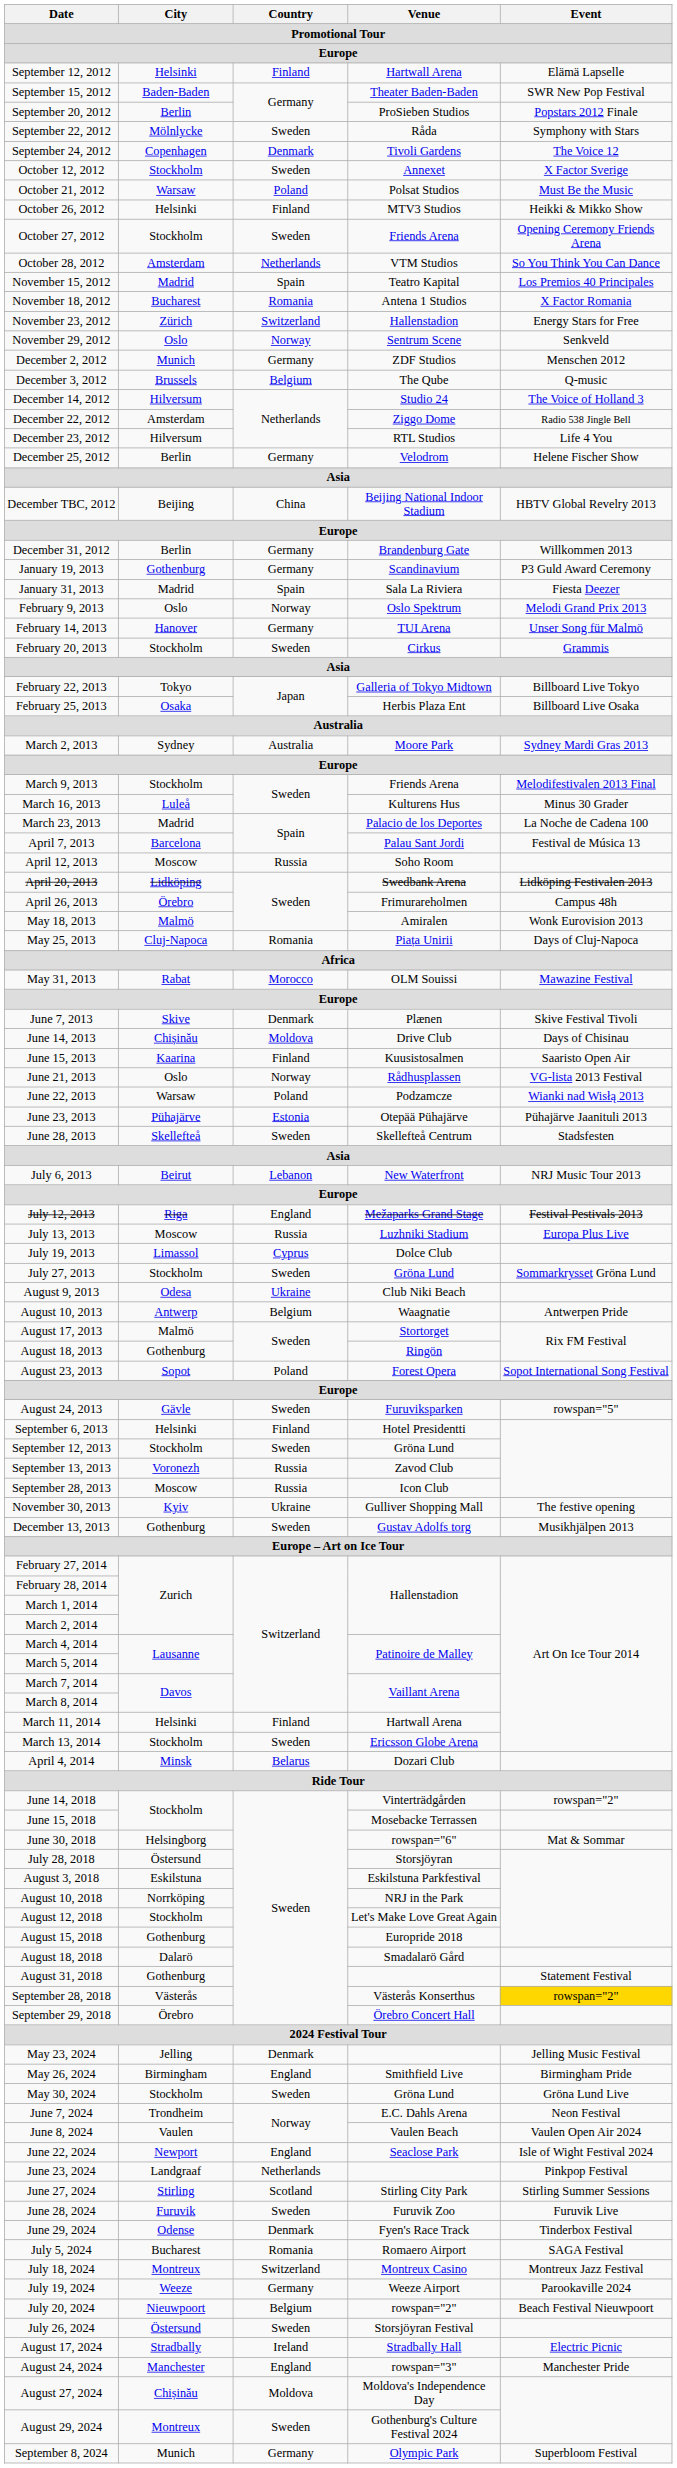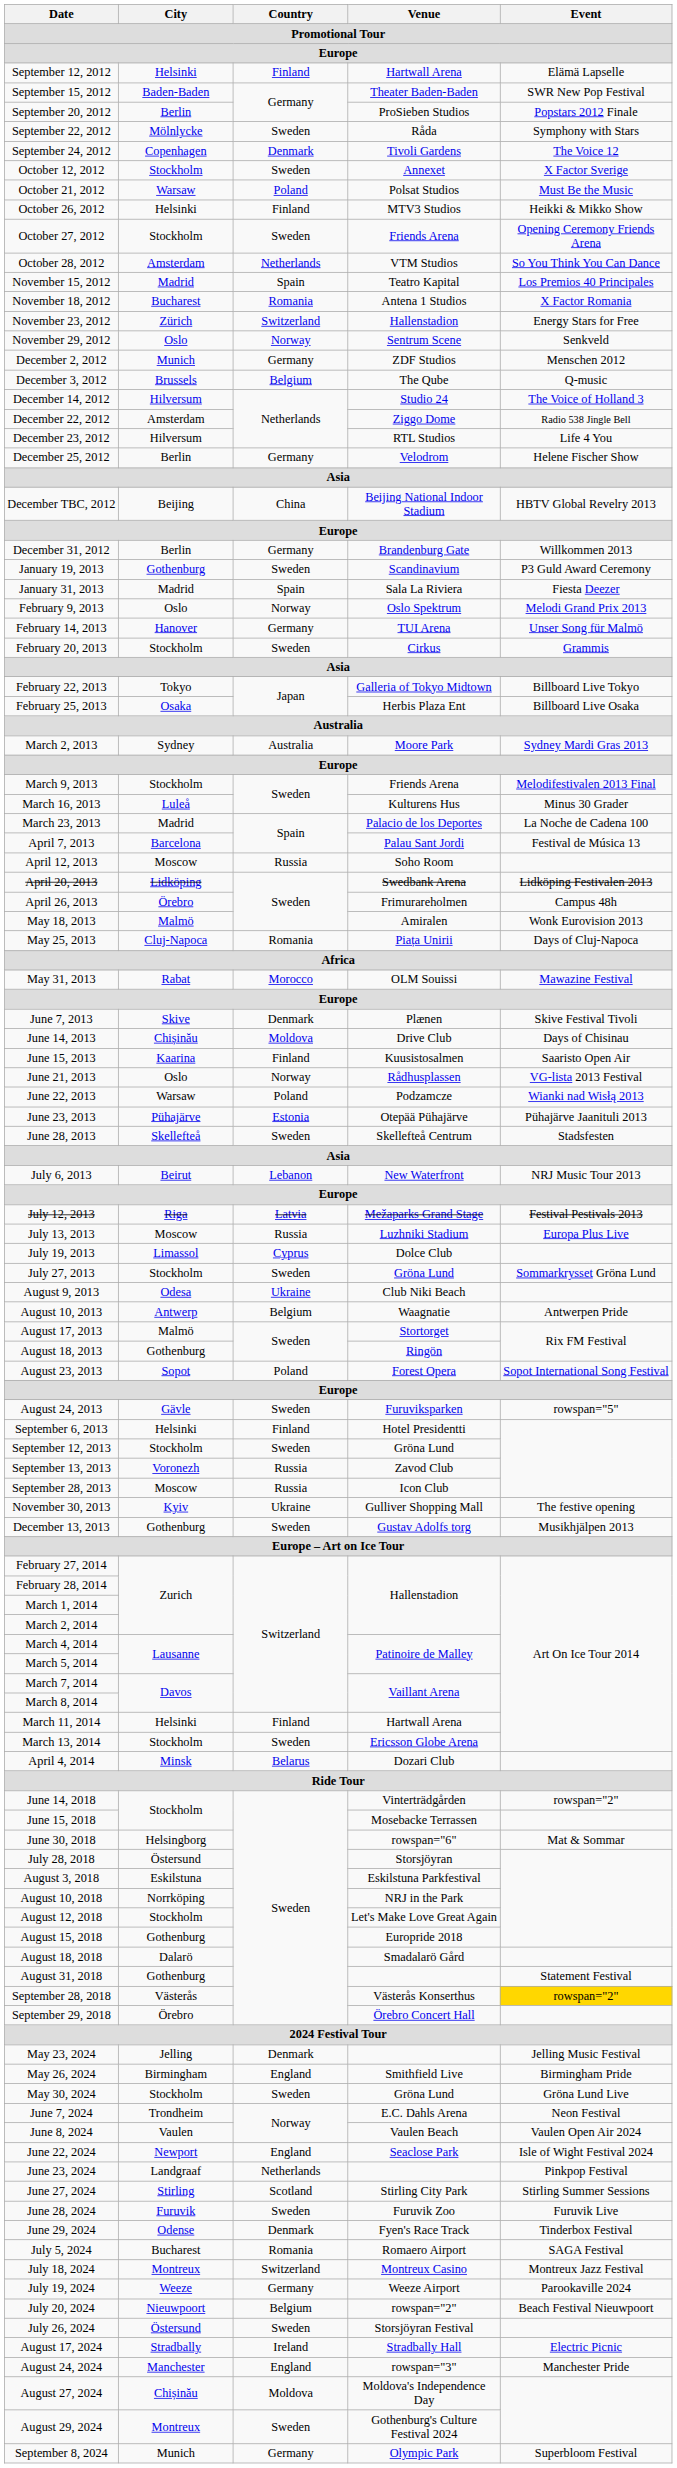 <table class="wikitable" style="text-align:center;">
 <tr>
 <th width="150">Date</th>
 <th width="150">City</th>
 <th width="150">Country</th>
 <th width="200">Venue</th>
 <th width="230">Event</th>
 </tr>
 <tr bgcolor="#DDDDDD">
 <td colspan=7><strong>Promotional Tour</strong></td>
 </tr>
 <tr bgcolor="#DDDDDD">
 <td colspan=7><strong>Europe</strong></td>
 </tr>
 <tr>
 <td>September 12, 2012</td>
 <td><a href='#'>Helsinki</a></td>
 <td><a href='#'>Finland</a></td>
 <td><a href='#'>Hartwall Arena</a></td>
 <td>Elämä Lapselle</td>
 </tr>
 <tr>
 <td>September 15, 2012</td>
 <td><a href='#'>Baden-Baden</a></td>
 <td rowspan="2">Germany</td>
 <td><a href='#'>Theater Baden-Baden</a></td>
 <td>SWR New Pop Festival</td>
 </tr>
 <tr>
 <td>September 20, 2012</td>
 <td><a href='#'>Berlin</a></td>
 <td>ProSieben Studios</td>
 <td><a href='#'>Popstars 2012</a> Finale</td>
 </tr>
 <tr>
 <td>September 22, 2012</td>
 <td><a href='#'>Mölnlycke</a></td>
 <td>Sweden</td>
 <td>Råda</td>
 <td>Symphony with Stars</td>
 </tr>
 <tr>
 <td>September 24, 2012</td>
 <td><a href='#'>Copenhagen</a></td>
 <td><a href='#'>Denmark</a></td>
 <td><a href='#'>Tivoli Gardens</a></td>
 <td><a href='#'>The Voice 12</a></td>
 </tr>
 <tr>
 <td>October 12, 2012</td>
 <td><a href='#'>Stockholm</a></td>
 <td>Sweden</td>
 <td><a href='#'>Annexet</a></td>
 <td><a href='#'>X Factor Sverige</a></td>
 </tr>
 <tr>
 <td>October 21, 2012</td>
 <td><a href='#'>Warsaw</a></td>
 <td><a href='#'>Poland</a></td>
 <td>Polsat Studios</td>
 <td><a href='#'>Must Be the Music</a></td>
 </tr>
 <tr>
 <td>October 26, 2012</td>
 <td>Helsinki</td>
 <td>Finland</td>
 <td>MTV3 Studios</td>
 <td>Heikki & Mikko Show</td>
 </tr>
 <tr>
 <td>October 27, 2012</td>
 <td>Stockholm</td>
 <td>Sweden</td>
 <td><a href='#'>Friends Arena</a></td>
 <td><a href='#'>Opening Ceremony Friends Arena</a></td>
 </tr>
 <tr>
 <td>October 28, 2012</td>
 <td><a href='#'>Amsterdam</a></td>
 <td><a href='#'>Netherlands</a></td>
 <td>VTM Studios</td>
 <td><a href='#'>So You Think You Can Dance</a></td>
 </tr>
 <tr>
 <td>November 15, 2012</td>
 <td><a href='#'>Madrid</a></td>
 <td>Spain</td>
 <td>Teatro Kapital</td>
 <td><a href='#'>Los Premios 40 Principales</a></td>
 </tr>
 <tr>
 <td>November 18, 2012</td>
 <td><a href='#'>Bucharest</a></td>
 <td><a href='#'>Romania</a></td>
 <td>Antena 1 Studios</td>
 <td><a href='#'>X Factor Romania</a></td>
 </tr>
 <tr>
 <td>November 23, 2012</td>
 <td><a href='#'>Zürich</a></td>
 <td><a href='#'>Switzerland</a></td>
 <td><a href='#'>Hallenstadion</a></td>
 <td>Energy Stars for Free</td>
 </tr>
 <tr>
 <td>November 29, 2012</td>
 <td><a href='#'>Oslo</a></td>
 <td><a href='#'>Norway</a></td>
 <td><a href='#'>Sentrum Scene</a></td>
 <td>Senkveld</td>
 </tr>
 <tr>
 <td>December 2, 2012</td>
 <td><a href='#'>Munich</a></td>
 <td>Germany</td>
 <td>ZDF Studios</td>
 <td>Menschen 2012</td>
 </tr>
 <tr>
 <td>December 3, 2012</td>
 <td><a href='#'>Brussels</a></td>
 <td><a href='#'>Belgium</a></td>
 <td>The Qube</td>
 <td>Q-music</td>
 </tr>
 <tr>
 <td>December 14, 2012</td>
 <td><a href='#'>Hilversum</a></td>
 <td rowspan="3">Netherlands</td>
 <td><a href='#'>Studio 24</a></td>
 <td><a href='#'>The Voice of Holland 3</a></td>
 </tr>
 <tr>
 <td>December 22, 2012</td>
 <td>Amsterdam</td>
 <td><a href='#'>Ziggo Dome</a></td>
 <td><small>Radio 538 Jingle Bell</small></td>
 </tr>
 <tr>
 <td>December 23, 2012</td>
 <td>Hilversum</td>
 <td>RTL Studios</td>
 <td>Life 4 You</td>
 </tr>
 <tr>
 <td>December 25, 2012</td>
 <td>Berlin</td>
 <td>Germany</td>
 <td><a href='#'>Velodrom</a></td>
 <td>Helene Fischer Show</td>
 </tr>
 <tr bgcolor="#DDDDDD">
 <td colspan=7><strong>Asia</strong></td>
 </tr>
 <tr>
 <td>December TBC, 2012</td>
 <td>Beijing</td>
 <td>China</td>
 <td><a href='#'>Beijing National Indoor Stadium</a></td>
 <td>HBTV Global Revelry 2013</td>
 </tr>
 <tr bgcolor="#DDDDDD">
 <td colspan=7><strong>Europe</strong></td>
 </tr>
 <tr>
 <td>December 31, 2012</td>
 <td>Berlin</td>
 <td>Germany</td>
 <td><a href='#'>Brandenburg Gate</a></td>
 <td>Willkommen 2013</td>
 </tr>
 <tr>
 <td>January 19, 2013</td>
 <td><a href='#'>Gothenburg</a></td>
-<td>Germany</td>
+<td>Sweden</td>
 <td><a href='#'>Scandinavium</a></td>
 <td>P3 Guld Award Ceremony</td>
 </tr>
 <tr>
 <td>January 31, 2013</td>
 <td>Madrid</td>
 <td>Spain</td>
 <td>Sala La Riviera</td>
 <td>Fiesta <a href='#'>Deezer</a></td>
 </tr>
 <tr>
 <td>February 9, 2013</td>
 <td>Oslo</td>
 <td>Norway</td>
 <td><a href='#'>Oslo Spektrum</a></td>
 <td><a href='#'>Melodi Grand Prix 2013</a></td>
 </tr>
 <tr>
 <td>February 14, 2013</td>
 <td><a href='#'>Hanover</a></td>
 <td>Germany</td>
 <td><a href='#'>TUI Arena</a></td>
 <td><a href='#'>Unser Song für Malmö</a></td>
 </tr>
 <tr>
 <td>February 20, 2013</td>
 <td>Stockholm</td>
 <td>Sweden</td>
 <td><a href='#'>Cirkus</a></td>
 <td><a href='#'>Grammis</a></td>
 </tr>
 <tr bgcolor="#DDDDDD">
 <td colspan=7><strong>Asia</strong></td>
 </tr>
 <tr>
 <td>February 22, 2013</td>
 <td>Tokyo</td>
 <td rowspan="2">Japan</td>
 <td><a href='#'>Galleria of Tokyo Midtown</a></td>
 <td>Billboard Live Tokyo</td>
 </tr>
 <tr>
 <td>February 25, 2013</td>
 <td><a href='#'>Osaka</a></td>
 <td>Herbis Plaza Ent</td>
 <td>Billboard Live Osaka</td>
 </tr>
 <tr bgcolor="#DDDDDD">
 <td colspan=7><strong>Australia</strong></td>
 </tr>
 <tr>
 <td>March 2, 2013</td>
 <td>Sydney</td>
 <td>Australia</td>
 <td><a href='#'>Moore Park</a></td>
 <td><a href='#'>Sydney Mardi Gras 2013</a></td>
 </tr>
 <tr bgcolor="#DDDDDD">
 <td colspan=7><strong>Europe</strong></td>
 </tr>
 <tr>
 <td>March 9, 2013</td>
 <td>Stockholm</td>
 <td rowspan="2">Sweden</td>
 <td>Friends Arena</td>
 <td><a href='#'>Melodifestivalen 2013 Final</a></td>
 </tr>
 <tr>
 <td>March 16, 2013</td>
 <td><a href='#'>Luleå</a></td>
 <td>Kulturens Hus</td>
 <td>Minus 30 Grader</td>
 </tr>
 <tr>
 <td>March 23, 2013</td>
 <td>Madrid</td>
 <td rowspan="2">Spain</td>
 <td><a href='#'>Palacio de los Deportes</a></td>
 <td>La Noche de Cadena 100</td>
 </tr>
 <tr>
 <td>April 7, 2013</td>
 <td><a href='#'>Barcelona</a></td>
 <td><a href='#'>Palau Sant Jordi</a></td>
 <td>Festival de Música 13</td>
 </tr>
 <tr>
 <td>April 12, 2013</td>
 <td>Moscow</td>
 <td>Russia</td>
 <td>Soho Room</td>
 <td></td>
 </tr>
 <tr>
 <td><s>April 20, 2013</s></td>
 <td><s><a href='#'>Lidköping</a></s></td>
 <td rowspan="3">Sweden</td>
 <td><s>Swedbank Arena</s></td>
 <td><s>Lidköping Festivalen 2013</s></td>
 </tr>
 <tr>
 <td>April 26, 2013</td>
 <td><a href='#'>Örebro</a></td>
 <td>Frimurareholmen</td>
 <td>Campus 48h</td>
 </tr>
 <tr>
 <td>May 18, 2013</td>
 <td><a href='#'>Malmö</a></td>
 <td>Amiralen</td>
 <td>Wonk Eurovision 2013</td>
 </tr>
 <tr>
 <td>May 25, 2013</td>
 <td><a href='#'>Cluj-Napoca</a></td>
 <td>Romania</td>
 <td><a href='#'>Piața Unirii</a></td>
 <td>Days of Cluj-Napoca</td>
 </tr>
 <tr bgcolor="#DDDDDD">
 <td colspan=7><strong>Africa</strong></td>
 </tr>
 <tr>
 <td>May 31, 2013</td>
 <td><a href='#'>Rabat</a></td>
 <td><a href='#'>Morocco</a></td>
 <td>OLM Souissi</td>
 <td><a href='#'>Mawazine Festival</a></td>
 </tr>
 <tr bgcolor="#DDDDDD">
 <td colspan=7><strong>Europe</strong></td>
 </tr>
 <tr>
 <td>June 7, 2013</td>
 <td><a href='#'>Skive</a></td>
 <td>Denmark</td>
 <td>Plænen</td>
 <td>Skive Festival Tivoli</td>
 </tr>
 <tr>
 <td>June 14, 2013</td>
 <td><a href='#'>Chișinău</a></td>
 <td><a href='#'>Moldova</a></td>
 <td>Drive Club</td>
 <td>Days of Chisinau</td>
 </tr>
 <tr>
 <td>June 15, 2013</td>
 <td><a href='#'>Kaarina</a></td>
 <td>Finland</td>
 <td>Kuusistosalmen</td>
 <td>Saaristo Open Air</td>
 </tr>
 <tr>
 <td>June 21, 2013</td>
 <td>Oslo</td>
 <td>Norway</td>
 <td><a href='#'>Rådhusplassen</a></td>
 <td><a href='#'>VG-lista</a> 2013 Festival</td>
 </tr>
 <tr>
 <td>June 22, 2013</td>
 <td>Warsaw</td>
 <td>Poland</td>
 <td>Podzamcze</td>
 <td><a href='#'>Wianki nad Wisłą 2013</a></td>
 </tr>
 <tr>
 <td>June 23, 2013</td>
 <td><a href='#'>Pühajärve</a></td>
 <td><a href='#'>Estonia</a></td>
 <td>Otepää Pühajärve</td>
 <td>Pühajärve Jaanituli 2013</td>
 </tr>
 <tr>
 <td>June 28, 2013</td>
 <td><a href='#'>Skellefteå</a></td>
 <td>Sweden</td>
 <td>Skellefteå Centrum</td>
 <td>Stadsfesten</td>
 </tr>
 <tr bgcolor="#DDDDDD">
 <td colspan=7><strong>Asia</strong></td>
 </tr>
 <tr>
 <td>July 6, 2013</td>
 <td><a href='#'>Beirut</a></td>
 <td><a href='#'>Lebanon</a></td>
 <td><a href='#'>New Waterfront</a></td>
 <td>NRJ Music Tour 2013</td>
 </tr>
 <tr bgcolor="#DDDDDD">
 <td colspan=7><strong>Europe</strong></td>
 </tr>
 <tr>
 <td><s>July 12, 2013</s></td>
 <td><s><a href='#'>Riga</a></s></td>
-<td>England</td>
+<td><s><a href='#'>Latvia</a></s></td>
 <td><s><a href='#'>Mežaparks Grand Stage</a></s></td>
 <td><s>Festival Pestivals 2013</s></td>
 </tr>
 <tr>
 <td>July 13, 2013</td>
 <td>Moscow</td>
 <td>Russia</td>
 <td><a href='#'>Luzhniki Stadium</a></td>
 <td><a href='#'>Europa Plus Live</a></td>
 </tr>
 <tr>
 <td>July 19, 2013</td>
 <td><a href='#'>Limassol</a></td>
 <td><a href='#'>Cyprus</a></td>
 <td>Dolce Club</td>
 <td></td>
 </tr>
 <tr>
 <td>July 27, 2013</td>
 <td>Stockholm</td>
 <td>Sweden</td>
 <td><a href='#'>Gröna Lund</a></td>
 <td><a href='#'>Sommarkrysset</a> Gröna Lund</td>
 </tr>
 <tr>
 <td>August 9, 2013</td>
 <td><a href='#'>Odesa</a></td>
 <td><a href='#'>Ukraine</a></td>
 <td>Club Niki Beach</td>
 <td></td>
 </tr>
 <tr>
 <td>August 10, 2013</td>
 <td><a href='#'>Antwerp</a></td>
 <td>Belgium</td>
 <td>Waagnatie</td>
 <td>Antwerpen Pride</td>
 </tr>
 <tr>
 <td>August 17, 2013</td>
 <td>Malmö</td>
 <td rowspan="2">Sweden</td>
 <td><a href='#'>Stortorget</a></td>
 <td rowspan="2">Rix FM Festival</td>
 </tr>
 <tr>
 <td>August 18, 2013</td>
 <td>Gothenburg</td>
 <td><a href='#'>Ringön</a></td>
 </tr>
 <tr>
 <td>August 23, 2013</td>
 <td><a href='#'>Sopot</a></td>
 <td>Poland</td>
 <td><a href='#'>Forest Opera</a></td>
 <td><a href='#'>Sopot International Song Festival</a></td>
 </tr>
 <tr bgcolor="#DDDDDD">
 <td colspan=7><strong>Europe</strong></td>
 </tr>
 <tr>
 <td>August 24, 2013</td>
 <td><a href='#'>Gävle</a></td>
 <td>Sweden</td>
 <td><a href='#'>Furuviksparken</a></td>
 <td>rowspan="5" </td>
 </tr>
 <tr>
 <td>September 6, 2013</td>
 <td>Helsinki</td>
 <td>Finland</td>
 <td>Hotel Presidentti</td>
 </tr>
 <tr>
 <td>September 12, 2013</td>
 <td>Stockholm</td>
 <td>Sweden</td>
 <td>Gröna Lund</td>
 </tr>
 <tr>
 <td>September 13, 2013</td>
 <td><a href='#'>Voronezh</a></td>
 <td>Russia</td>
 <td>Zavod Club</td>
 </tr>
 <tr>
 <td>September 28, 2013</td>
 <td>Moscow</td>
 <td>Russia</td>
 <td>Icon Club</td>
 </tr>
 <tr>
 <td>November 30, 2013</td>
 <td><a href='#'>Kyiv</a></td>
 <td>Ukraine</td>
 <td>Gulliver Shopping Mall</td>
 <td>The festive opening</td>
 </tr>
 <tr>
 <td>December 13, 2013</td>
 <td>Gothenburg</td>
 <td>Sweden</td>
 <td><a href='#'>Gustav Adolfs torg</a></td>
 <td>Musikhjälpen 2013</td>
 </tr>
 <tr bgcolor="#DDDDDD">
 <td colspan=7><strong>Europe – Art on Ice Tour</strong></td>
 </tr>
 <tr>
 <td>February 27, 2014</td>
 <td rowspan="4">Zurich</td>
 <td rowspan="8">Switzerland</td>
 <td rowspan="4">Hallenstadion</td>
 <td rowspan="10">Art On Ice Tour 2014</td>
 </tr>
 <tr>
 <td>February 28, 2014</td>
 </tr>
 <tr>
 <td>March 1, 2014</td>
 </tr>
 <tr>
 <td>March 2, 2014</td>
 </tr>
 <tr>
 <td>March 4, 2014</td>
 <td rowspan="2"><a href='#'>Lausanne</a></td>
 <td rowspan="2"><a href='#'>Patinoire de Malley</a></td>
 </tr>
 <tr>
 <td>March 5, 2014</td>
 </tr>
 <tr>
 <td>March 7, 2014</td>
 <td rowspan="2"><a href='#'>Davos</a></td>
 <td rowspan="2"><a href='#'>Vaillant Arena</a></td>
 </tr>
 <tr>
 <td>March 8, 2014</td>
 </tr>
 <tr>
 <td>March 11, 2014</td>
 <td>Helsinki</td>
 <td>Finland</td>
 <td>Hartwall Arena</td>
 </tr>
 <tr>
 <td>March 13, 2014</td>
 <td>Stockholm</td>
 <td>Sweden</td>
 <td><a href='#'>Ericsson Globe Arena</a></td>
 </tr>
 <tr>
 <td>April 4, 2014</td>
 <td><a href='#'>Minsk</a></td>
 <td><a href='#'>Belarus</a></td>
 <td>Dozari Club</td>
 <td></td>
 </tr>
 <tr bgcolor="#DDDDDD">
 <td colspan=7><strong>Ride Tour</strong></td>
 </tr>
 <tr>
 <td>June 14, 2018</td>
 <td rowspan="2">Stockholm</td>
 <td rowspan="12">Sweden</td>
 <td>Vinterträdgården</td>
 <td>rowspan="2" </td>
 </tr>
 <tr>
 <td>June 15, 2018</td>
 <td>Mosebacke Terrassen</td>
 </tr>
 <tr>
 <td>June 30, 2018</td>
 <td>Helsingborg</td>
 <td>rowspan="6" </td>
 <td>Mat & Sommar</td>
 </tr>
 <tr>
 <td>July 28, 2018</td>
 <td>Östersund</td>
 <td>Storsjöyran</td>
 </tr>
 <tr>
 <td>August 3, 2018</td>
 <td>Eskilstuna</td>
 <td>Eskilstuna Parkfestival</td>
 </tr>
 <tr>
 <td>August 10, 2018</td>
 <td>Norrköping</td>
 <td>NRJ in the Park</td>
 </tr>
 <tr>
 <td>August 12, 2018</td>
 <td>Stockholm</td>
 <td>Let's Make Love Great Again</td>
 </tr>
 <tr>
 <td>August 15, 2018</td>
 <td>Gothenburg</td>
 <td>Europride 2018</td>
 </tr>
 <tr>
 <td>August 18, 2018</td>
 <td>Dalarö</td>
 <td>Smadalarö Gård</td>
 <td></td>
 </tr>
 <tr>
 <td>August 31, 2018</td>
 <td>Gothenburg</td>
 <td></td>
 <td>Statement Festival</td>
 </tr>
 <tr>
 <td>September 28, 2018</td>
 <td>Västerås</td>
 <td>Västerås Konserthus</td>
 <td style="background: gold;">rowspan="2" </td>
 </tr>
 <tr>
 <td>September 29, 2018</td>
 <td>Örebro</td>
 <td><a href='#'>Örebro Concert Hall</a></td>
 </tr>
 <tr bgcolor="#DDDDDD">
 <td colspan=7><strong>2024 Festival Tour</strong></td>
 </tr>
 <tr>
 <td>May 23, 2024</td>
 <td>Jelling</td>
 <td>Denmark</td>
 <td></td>
 <td>Jelling Music Festival</td>
 </tr>
 <tr>
 <td>May 26, 2024</td>
 <td>Birmingham</td>
 <td>England</td>
 <td>Smithfield Live</td>
 <td>Birmingham Pride</td>
 </tr>
 <tr>
 <td>May 30, 2024</td>
 <td>Stockholm</td>
 <td>Sweden</td>
 <td>Gröna Lund</td>
 <td>Gröna Lund Live</td>
 </tr>
 <tr>
 <td>June 7, 2024</td>
 <td>Trondheim</td>
 <td rowspan="2">Norway</td>
 <td>E.C. Dahls Arena</td>
 <td>Neon Festival</td>
 </tr>
 <tr>
 <td>June 8, 2024</td>
 <td>Vaulen</td>
 <td>Vaulen Beach</td>
 <td>Vaulen Open Air 2024</td>
 </tr>
 <tr>
 <td>June 22, 2024</td>
 <td><a href='#'>Newport</a></td>
 <td>England</td>
 <td><a href='#'>Seaclose Park</a></td>
 <td>Isle of Wight Festival 2024</td>
 </tr>
 <tr>
 <td>June 23, 2024</td>
 <td>Landgraaf</td>
 <td>Netherlands</td>
 <td></td>
 <td>Pinkpop Festival</td>
 </tr>
 <tr>
 <td>June 27, 2024</td>
 <td><a href='#'>Stirling</a></td>
 <td>Scotland</td>
 <td>Stirling City Park</td>
 <td>Stirling Summer Sessions</td>
 </tr>
 <tr>
 <td>June 28, 2024</td>
 <td><a href='#'>Furuvik</a></td>
 <td>Sweden</td>
 <td>Furuvik Zoo</td>
 <td>Furuvik Live</td>
 </tr>
 <tr>
 <td>June 29, 2024</td>
 <td><a href='#'>Odense</a></td>
 <td>Denmark</td>
 <td>Fyen's Race Track</td>
 <td>Tinderbox Festival</td>
 </tr>
 <tr>
 <td>July 5, 2024</td>
 <td>Bucharest</td>
 <td>Romania</td>
 <td>Romaero Airport</td>
 <td>SAGA Festival</td>
 </tr>
 <tr>
 <td>July 18, 2024</td>
 <td><a href='#'>Montreux</a></td>
 <td>Switzerland</td>
 <td><a href='#'>Montreux Casino</a></td>
 <td>Montreux Jazz Festival</td>
 </tr>
 <tr>
 <td>July 19, 2024</td>
 <td><a href='#'>Weeze</a></td>
 <td>Germany</td>
 <td>Weeze Airport</td>
 <td>Parookaville 2024</td>
 </tr>
 <tr>
 <td>July 20, 2024</td>
 <td><a href='#'>Nieuwpoort</a></td>
 <td>Belgium</td>
 <td>rowspan="2" </td>
 <td>Beach Festival Nieuwpoort</td>
 </tr>
 <tr>
 <td>July 26, 2024</td>
 <td><a href='#'>Östersund</a></td>
 <td>Sweden</td>
 <td>Storsjöyran Festival</td>
 </tr>
 <tr>
 <td>August 17, 2024</td>
 <td><a href='#'>Stradbally</a></td>
 <td>Ireland</td>
 <td><a href='#'>Stradbally Hall</a></td>
 <td><a href='#'>Electric Picnic</a></td>
 </tr>
 <tr>
 <td>August 24, 2024</td>
 <td><a href='#'>Manchester</a></td>
 <td>England</td>
 <td>rowspan="3" </td>
 <td>Manchester Pride</td>
 </tr>
 <tr>
 <td>August 27, 2024</td>
 <td><a href='#'>Chișinău</a></td>
 <td>Moldova</td>
 <td>Moldova's Independence Day</td>
 </tr>
 <tr>
 <td>August 29, 2024</td>
 <td><a href='#'>Montreux</a></td>
 <td>Sweden</td>
 <td>Gothenburg's Culture Festival 2024</td>
 </tr>
 <tr>
 <td>September 8, 2024</td>
 <td>Munich</td>
 <td>Germany</td>
 <td><a href='#'>Olympic Park</a></td>
 <td>Superbloom Festival</td>
 </tr>
 </table>
